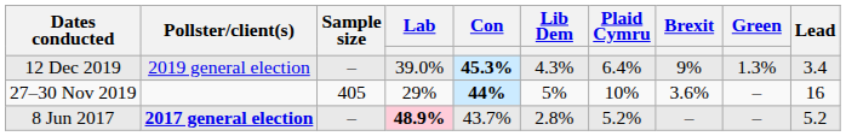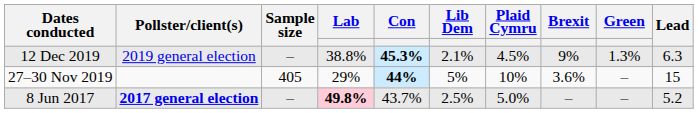 <table class="wikitable sortable mw-datatable" style="text-align:center;line-height:14px;">
 <tr>
 <th rowspan="2">Dates<br>conducted</th>
 <th rowspan="2">Pollster/client(s)</th>
 <th rowspan="2" data-sort-type="number">Sample<br>size</th>
 <th class="unsortable" style="width:50px;"><a href='#'>Lab</a></th>
 <th class="unsortable" style="width:50px;"><a href='#'>Con</a></th>
 <th class="unsortable" style="width:50px;"><a href='#'>Lib Dem</a></th>
 <th class="unsortable" style="width:50px;"><a href='#'>Plaid Cymru</a></th>
 <th class="unsortable" style="width:50px;"><a href='#'>Brexit</a></th>
 <th class="unsortable" style="width:50px;"><a href='#'>Green</a></th>
 <th rowspan="2" data-sort-type="number">Lead</th>
 </tr>
 <tr>
 <th data-sort-type="number" style="background:"></th>
 <th data-sort-type="number" style="background:"></th>
 <th data-sort-type="number" style="background:"></th>
 <th data-sort-type="number" style="background:"></th>
 <th data-sort-type="number" style="background:"></th>
 <th data-sort-type="number" style="background:"></th>
 </tr>
 <tr style="background:#E9E9E9;">
 <td data-sort-value="2017-06-08">12 Dec 2019</td>
 <td><a href='#'>2019 general election</a></td>
 <td>–</td>
-<td>39.0%</td>
+<td>38.8%</td>
 <td style="background:#CCEBFF;"><strong>45.3%</strong></td>
-<td>4.3%</td>
-<td>6.4%</td>
+<td>2.1%</td>
+<td>4.5%</td>
 <td>9%</td>
 <td>1.3%</td>
-<td style="background:">3.4</td>
+<td style="background:">6.3</td>
 </tr>
 <tr>
 <td data-sort-value="2019-12-12">27–30 Nov 2019</td>
 <td></td>
 <td>405</td>
 <td>29%</td>
 <td style="background:#CCEBFF;"><strong>44%</strong></td>
 <td>5%</td>
 <td>10%</td>
 <td>3.6%</td>
 <td>–</td>
-<td style="background:">16</td>
+<td style="background:">15</td>
 </tr>
 <tr style="background:#E9E9E9;">
 <td data-sort-value="2017-06-08">8 Jun 2017</td>
 <td><strong><a href='#'>2017 general election</a></strong></td>
 <td>–</td>
-<td style="background:#FFCCD9;"><strong>48.9%</strong></td>
+<td style="background:#FFCCD9;"><strong>49.8%</strong></td>
 <td>43.7%</td>
-<td>2.8%</td>
-<td>5.2%</td>
+<td>2.5%</td>
+<td>5.0%</td>
 <td>–</td>
 <td>–</td>
 <td style="background:">5.2</td>
 </tr>
 </table>
